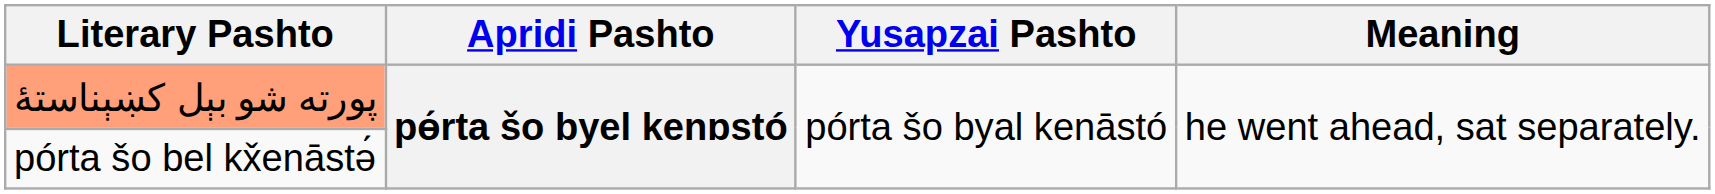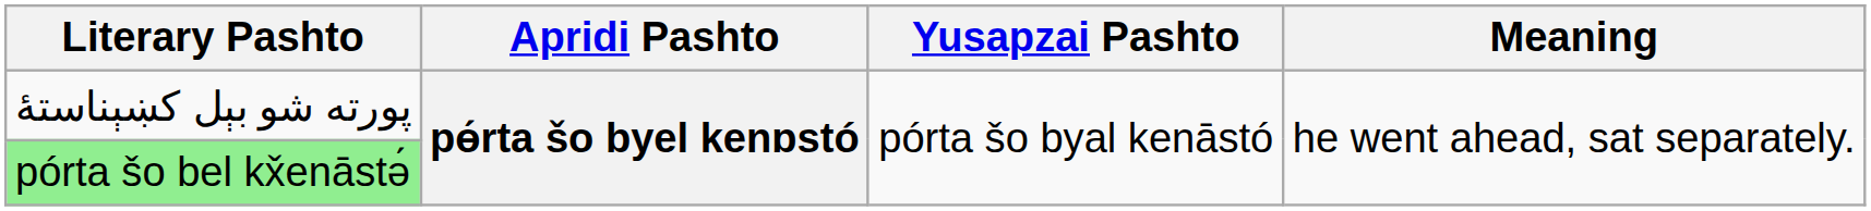 <table class="wikitable">
 <tr>
 <th>Literary Pashto</th>
 <th><a href='#'>Apridi</a> Pashto</th>
 <th><a href='#'>Yusapzai</a> Pashto</th>
 <th>Meaning</th>
 </tr>
 <tr>
-<td style="background: lightsalmon;">پورته شو بېل کښېناستۀ</td>
+<td>پورته شو بېل کښېناستۀ</td>
 <th rowspan="2">pɵ́rta šo byel kenɒstó</th>
 <td rowspan="2">pórta šo byal kenāstó</td>
 <td rowspan="2">he went ahead, sat separately.</td>
 </tr>
 <tr>
-<td>pórta šo bel kx̌enāstə́</td>
+<td style="background: lightgreen;">pórta šo bel kx̌enāstə́</td>
 </tr>
 </table>
